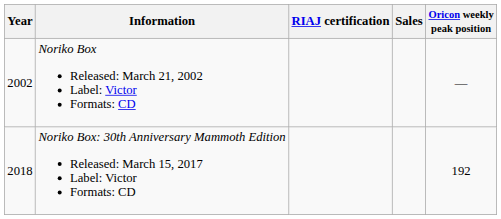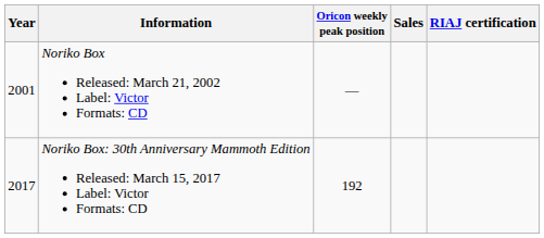 <table class="wikitable">
 <tr>
 <th>Year</th>
 <th>Information</th>
+<th><small><a href='#'>Oricon</a> weekly<br>peak position</small></th>
+<th>Sales</th>
 <th><a href='#'>RIAJ</a> certification</th>
-<th>Sales</th>
-<th><small><a href='#'>Oricon</a> weekly<br>peak position</small></th>
 </tr>
 <tr>
-<td>2002</td>
+<td>2001</td>
 <td><em>Noriko Box</em><br><ul><li>Released: March 21, 2002</li><li>Label: <a href='#'>Victor</a></li><li>Formats: <a href='#'>CD</a></li></ul></td>
+<td style="text-align:center;">—</td>
 <td align="left"></td>
 <td align="left"></td>
-<td style="text-align:center;">—</td>
 </tr>
 <tr>
-<td>2018</td>
+<td>2017</td>
 <td><em>Noriko Box: 30th Anniversary Mammoth Edition</em><br><ul><li>Released: March 15, 2017</li><li>Label: Victor</li><li>Formats: CD</li></ul></td>
+<td style="text-align:center;">192</td>
 <td align="left"></td>
 <td align="left"></td>
-<td style="text-align:center;">192</td>
 </tr>
 </table>
